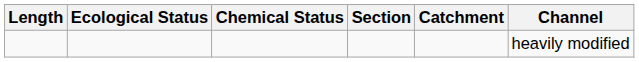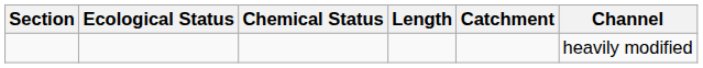 <table class="wikitable">
 <tr>
-<th>Length</th>
+<th>Section</th>
 <th>Ecological Status</th>
 <th>Chemical Status</th>
-<th>Section</th>
+<th>Length</th>
 <th>Catchment</th>
 <th>Channel</th>
 </tr>
 <tr>
 <td></td>
 <td></td>
 <td></td>
 <td></td>
 <td></td>
 <td>heavily modified</td>
 </tr>
 </table>
